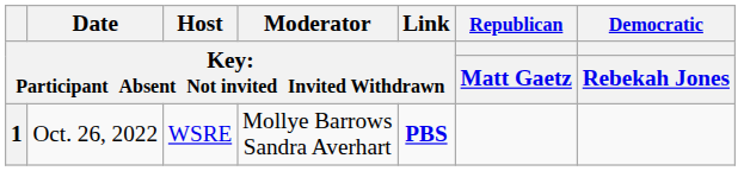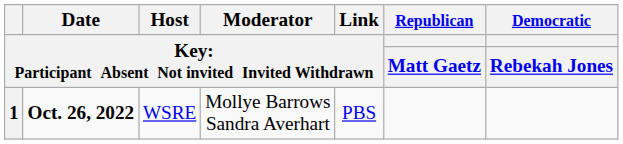 <table class="wikitable" style="text-align:center;">
 <tr>
 <th scope="col"></th>
 <th scope="col">Date</th>
 <th scope="col">Host</th>
 <th scope="col">Moderator</th>
 <th scope="col">Link</th>
 <th scope="col"><small><a href='#'>Republican</a></small></th>
 <th scope="col"><small><a href='#'>Democratic</a></small></th>
 </tr>
 <tr>
 <th colspan="5" rowspan="2">Key:<br> <small>Participant </small>  <small>Absent </small>  <small>Not invited </small>  <small>Invited  Withdrawn</small></th>
 <th scope="col" style="background:"></th>
 <th scope="col" style="background:"></th>
 </tr>
 <tr>
 <th scope="col"><a href='#'>Matt Gaetz</a></th>
 <th scope="col"><a href='#'>Rebekah Jones</a></th>
 </tr>
 <tr>
 <th>1</th>
-<td style="white-space:nowrap;">Oct. 26, 2022</td>
+<td style="white-space:nowrap;"><strong>Oct. 26, 2022</strong></td>
 <td style="white-space:nowrap;"><a href='#'>WSRE</a></td>
 <td style="white-space:nowrap;">Mollye Barrows<br>Sandra Averhart</td>
-<td style="white-space:nowrap;"><strong><a href='#'>PBS</a></strong></td>
+<td style="white-space:nowrap;"><a href='#'>PBS</a></td>
 <td></td>
 <td></td>
 </tr>
 </table>
